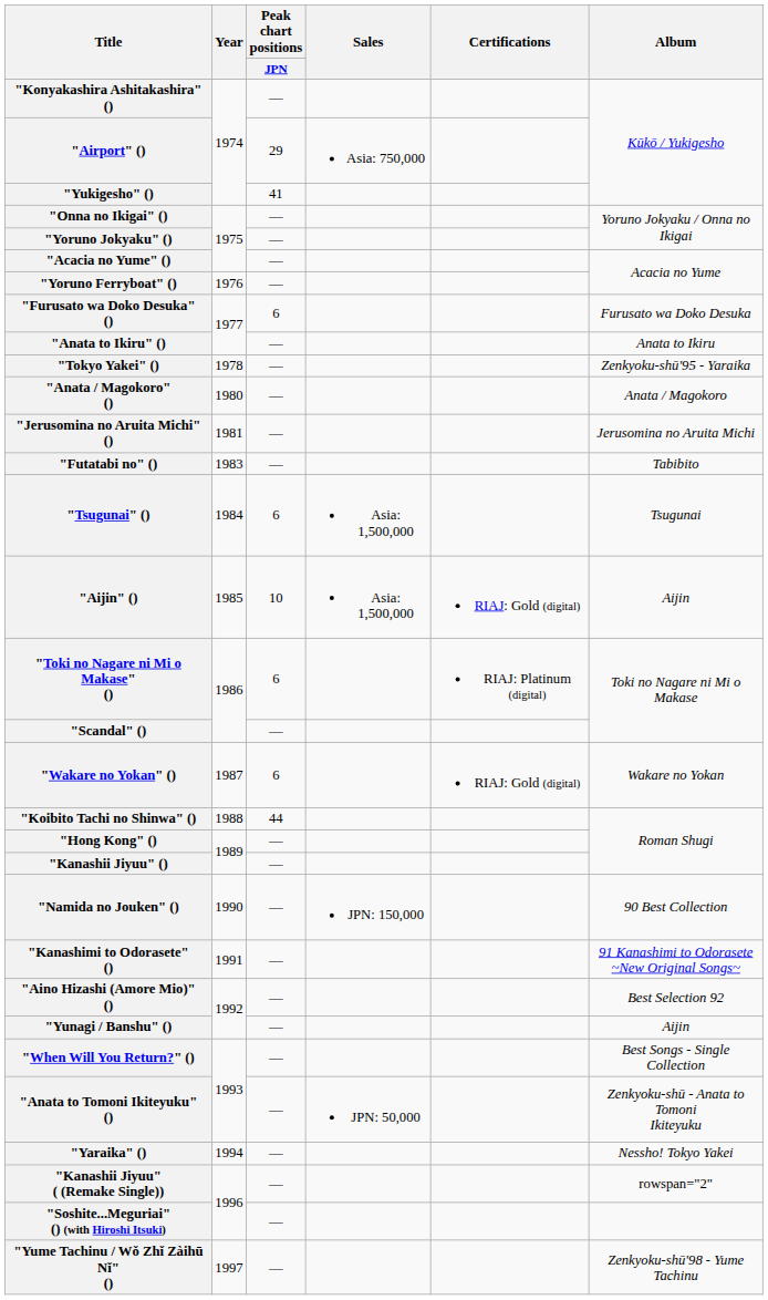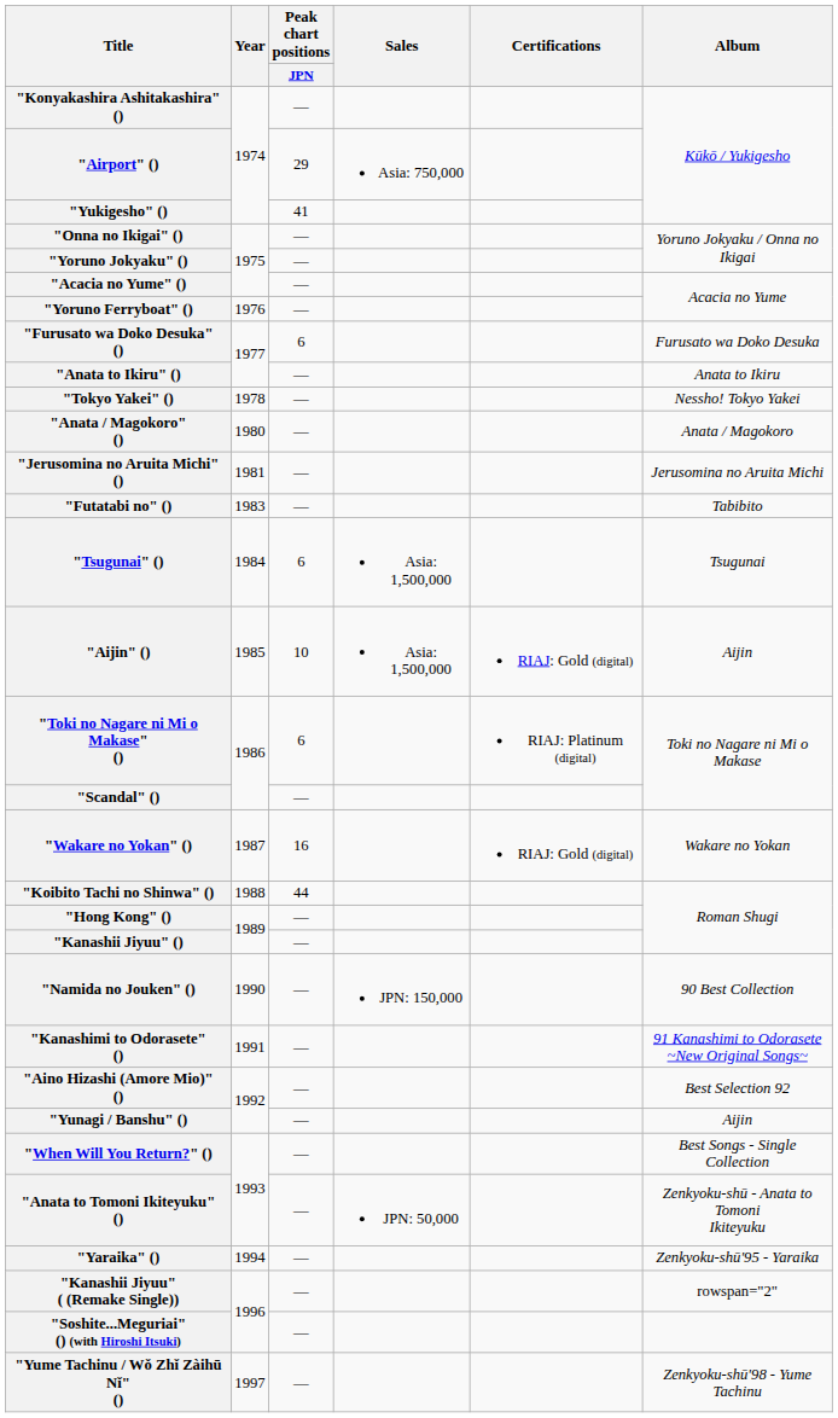 <table class="wikitable plainrowheaders" style="text-align:center;">
 <tr>
 <th rowspan="2" scope="col">Title</th>
 <th rowspan="2" scope="col">Year</th>
 <th scope="col">Peak chart positions</th>
 <th rowspan="2">Sales</th>
 <th rowspan="2">Certifications</th>
 <th rowspan="2" scope="col">Album</th>
 </tr>
 <tr>
 <th scope="col" style="width:3em;font-size:90%;"><a href='#'>JPN</a><br></th>
 </tr>
 <tr>
 <th scope="row">"Konyakashira Ashitakashira"<br>()</th>
 <td rowspan="3">1974</td>
 <td>—</td>
 <td></td>
 <td></td>
 <td rowspan="3"><em><a href='#'>Kūkō / Yukigesho</a></em></td>
 </tr>
 <tr>
 <th scope="row">"<a href='#'>Airport</a>" ()</th>
 <td>29</td>
 <td><br><ul><li>Asia: 750,000</li></ul></td>
 <td></td>
 </tr>
 <tr>
 <th scope="row">"Yukigesho" ()</th>
 <td>41</td>
 <td></td>
 <td></td>
 </tr>
 <tr>
 <th scope="row">"Onna no Ikigai" ()</th>
 <td rowspan="3">1975</td>
 <td>—</td>
 <td></td>
 <td></td>
 <td rowspan="2"><em>Yoruno Jokyaku / Onna no Ikigai</em></td>
 </tr>
 <tr>
 <th scope="row">"Yoruno Jokyaku" ()</th>
 <td>—</td>
 <td></td>
 <td></td>
 </tr>
 <tr>
 <th scope="row">"Acacia no Yume" ()</th>
 <td>—</td>
 <td></td>
 <td></td>
 <td rowspan="2"><em>Acacia no Yume</em></td>
 </tr>
 <tr>
 <th scope="row">"Yoruno Ferryboat" ()</th>
 <td>1976</td>
 <td>—</td>
 <td></td>
 <td></td>
 </tr>
 <tr>
 <th scope="row">"Furusato wa Doko Desuka"<br>()</th>
 <td rowspan="2">1977</td>
 <td>6</td>
 <td></td>
 <td></td>
 <td><em>Furusato wa Doko Desuka</em></td>
 </tr>
 <tr>
 <th scope="row">"Anata to Ikiru" ()</th>
 <td>—</td>
 <td></td>
 <td></td>
 <td><em>Anata to Ikiru</em></td>
 </tr>
 <tr>
 <th scope="row">"Tokyo Yakei" ()</th>
 <td>1978</td>
 <td>—</td>
 <td></td>
 <td></td>
-<td><em>Zenkyoku-shū'95 - Yaraika</em></td>
+<td><em>Nessho! Tokyo Yakei</em></td>
 </tr>
 <tr>
 <th scope="row">"Anata / Magokoro"<br>()</th>
 <td>1980</td>
 <td>—</td>
 <td></td>
 <td></td>
 <td><em>Anata / Magokoro</em></td>
 </tr>
 <tr>
 <th scope="row">"Jerusomina no Aruita Michi"<br>()</th>
 <td>1981</td>
 <td>—</td>
 <td></td>
 <td></td>
 <td><em>Jerusomina no Aruita Michi</em></td>
 </tr>
 <tr>
 <th scope="row">"Futatabi no" ()</th>
 <td>1983</td>
 <td>—</td>
 <td></td>
 <td></td>
 <td><em>Tabibito</em></td>
 </tr>
 <tr>
 <th scope="row">"<a href='#'>Tsugunai</a>" ()</th>
 <td>1984</td>
 <td>6</td>
 <td><br><ul><li>Asia: 1,500,000</li></ul></td>
 <td></td>
 <td><em>Tsugunai</em></td>
 </tr>
 <tr>
 <th scope="row">"Aijin" ()</th>
 <td>1985</td>
 <td>10</td>
 <td><br><ul><li>Asia: 1,500,000</li></ul></td>
 <td><br><ul><li><a href='#'>RIAJ</a>: Gold <small>(digital)</small></li></ul></td>
 <td><em>Aijin</em></td>
 </tr>
 <tr>
 <th scope="row">"<a href='#'>Toki no Nagare ni Mi o Makase</a>"<br>()</th>
 <td rowspan="2">1986</td>
 <td>6</td>
 <td></td>
 <td><br><ul><li>RIAJ: Platinum <small>(digital)</small></li></ul></td>
 <td rowspan="2"><em>Toki no Nagare ni Mi o Makase</em></td>
 </tr>
 <tr>
 <th scope="row">"Scandal" ()</th>
 <td>—</td>
 <td></td>
 <td></td>
 </tr>
 <tr>
 <th scope="row">"<a href='#'>Wakare no Yokan</a>" ()</th>
 <td>1987</td>
-<td>6</td>
+<td>16</td>
 <td></td>
 <td><br><ul><li>RIAJ: Gold <small>(digital)</small></li></ul></td>
 <td><em>Wakare no Yokan</em></td>
 </tr>
 <tr>
 <th scope="row">"Koibito Tachi no Shinwa" ()</th>
 <td>1988</td>
 <td>44</td>
 <td></td>
 <td></td>
 <td rowspan="3"><em>Roman Shugi</em></td>
 </tr>
 <tr>
 <th scope="row">"Hong Kong" ()</th>
 <td rowspan="2">1989</td>
 <td>—</td>
 <td></td>
 <td></td>
 </tr>
 <tr>
 <th scope="row">"Kanashii Jiyuu" ()</th>
 <td>—</td>
 <td></td>
 <td></td>
 </tr>
 <tr>
 <th scope="row">"Namida no Jouken" ()</th>
 <td>1990</td>
 <td>—</td>
 <td><br><ul><li>JPN: 150,000</li></ul></td>
 <td></td>
 <td><em>90 Best Collection</em></td>
 </tr>
 <tr>
 <th scope="row">"Kanashimi to Odorasete"<br>()</th>
 <td>1991</td>
 <td>—</td>
 <td></td>
 <td></td>
 <td><em><a href='#'>91 Kanashimi to Odorasete<br>~New Original Songs~</a></em></td>
 </tr>
 <tr>
 <th scope="row">"Aino Hizashi (Amore Mio)"<br>()</th>
 <td rowspan="2">1992</td>
 <td>—</td>
 <td></td>
 <td></td>
 <td><em>Best Selection 92</em></td>
 </tr>
 <tr>
 <th scope="row">"Yunagi / Banshu" ()</th>
 <td>—</td>
 <td></td>
 <td></td>
 <td><em>Aijin</em></td>
 </tr>
 <tr>
 <th scope="row">"<a href='#'>When Will You Return?</a>" ()</th>
 <td rowspan="2">1993</td>
 <td>—</td>
 <td></td>
 <td></td>
 <td><em>Best Songs - Single Collection</em></td>
 </tr>
 <tr>
 <th scope="row">"Anata to Tomoni Ikiteyuku"<br>()</th>
 <td>—</td>
 <td><br><ul><li>JPN: 50,000</li></ul></td>
 <td></td>
 <td><em>Zenkyoku-shū - Anata to Tomoni<br>Ikiteyuku</em></td>
 </tr>
 <tr>
 <th scope="row">"Yaraika" ()</th>
 <td>1994</td>
 <td>—</td>
 <td></td>
 <td></td>
-<td><em>Nessho! Tokyo Yakei</em></td>
+<td><em>Zenkyoku-shū'95 - Yaraika</em></td>
 </tr>
 <tr>
 <th scope="row">"Kanashii Jiyuu" <br>( (Remake Single))</th>
 <td rowspan="2">1996</td>
 <td>—</td>
 <td></td>
 <td></td>
 <td>rowspan="2" </td>
 </tr>
 <tr>
 <th scope="row">"Soshite...Meguriai"<br>() <small>(with <a href='#'>Hiroshi Itsuki</a>)</small></th>
 <td>—</td>
 <td></td>
 <td></td>
 </tr>
 <tr>
 <th scope="row">"Yume Tachinu / Wǒ Zhǐ Zàihū Nǐ"<br>()</th>
 <td>1997</td>
 <td>—</td>
 <td></td>
 <td></td>
 <td><em>Zenkyoku-shū'98 - Yume Tachinu</em></td>
 </tr>
 </table>
